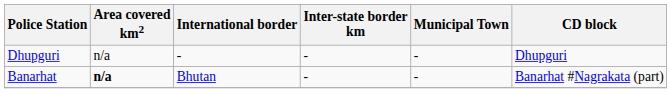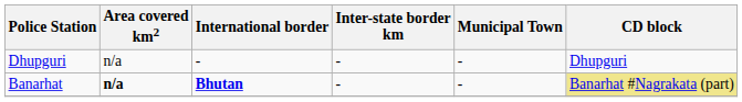 <table class="wikitable sortable">
 <tr>
 <th>Police Station</th>
 <th>Area covered<br>km<sup>2</sup></th>
 <th>International border<br></th>
 <th>Inter-state border<br>km</th>
 <th>Municipal Town</th>
 <th>CD block</th>
 </tr>
 <tr>
 <td><a href='#'>Dhupguri</a></td>
 <td>n/a</td>
 <td>-</td>
 <td>-</td>
 <td>-</td>
 <td><a href='#'>Dhupguri</a></td>
 </tr>
 <tr>
 <td><a href='#'>Banarhat</a></td>
 <td><strong>n/a</strong></td>
-<td><a href='#'>Bhutan</a></td>
+<td><strong><a href='#'>Bhutan</a></strong></td>
 <td>-</td>
 <td>-</td>
-<td><a href='#'>Banarhat</a>  #<a href='#'>Nagrakata</a> (part)</td>
+<td style="background: khaki;"><a href='#'>Banarhat</a>  #<a href='#'>Nagrakata</a> (part)</td>
 </tr>
 <tr>
 </tr>
 </table>
